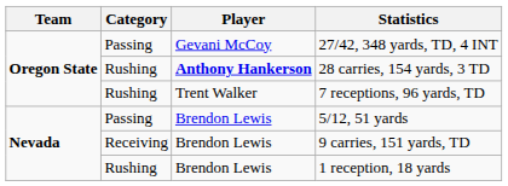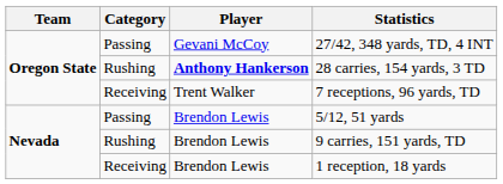 <table class="wikitable" style="float: right;">
 <tr>
 <th>Team</th>
 <th>Category</th>
 <th>Player</th>
 <th>Statistics</th>
 </tr>
 <tr>
 <td rowspan=3><strong>Oregon State</strong></td>
 <td>Passing</td>
 <td><a href='#'>Gevani McCoy</a></td>
 <td>27/42, 348 yards, TD, 4 INT</td>
 </tr>
 <tr>
 <td>Rushing</td>
 <td><strong><a href='#'>Anthony Hankerson</a></strong></td>
 <td>28 carries, 154 yards, 3 TD</td>
 </tr>
 <tr>
-<td>Rushing</td>
+<td>Receiving</td>
 <td>Trent Walker</td>
 <td>7 receptions, 96 yards, TD</td>
 </tr>
 <tr>
 <td rowspan=3><strong>Nevada</strong></td>
 <td>Passing</td>
 <td><a href='#'>Brendon Lewis</a></td>
 <td>5/12, 51 yards</td>
 </tr>
 <tr>
-<td>Receiving</td>
+<td>Rushing</td>
 <td>Brendon Lewis</td>
 <td>9 carries, 151 yards, TD</td>
 </tr>
 <tr>
-<td>Rushing</td>
+<td>Receiving</td>
 <td>Brendon Lewis</td>
 <td>1 reception, 18 yards</td>
 </tr>
 </table>
